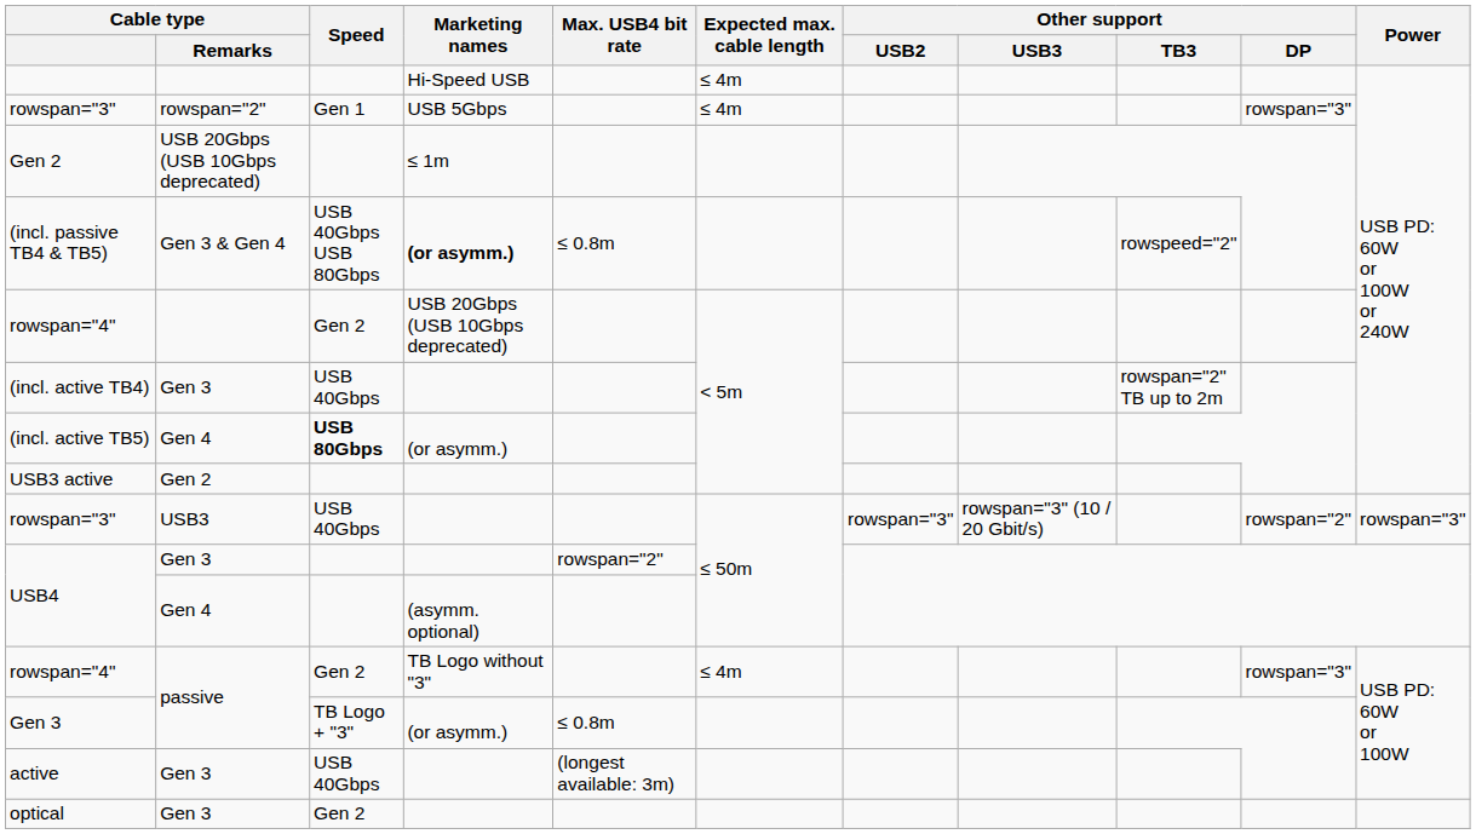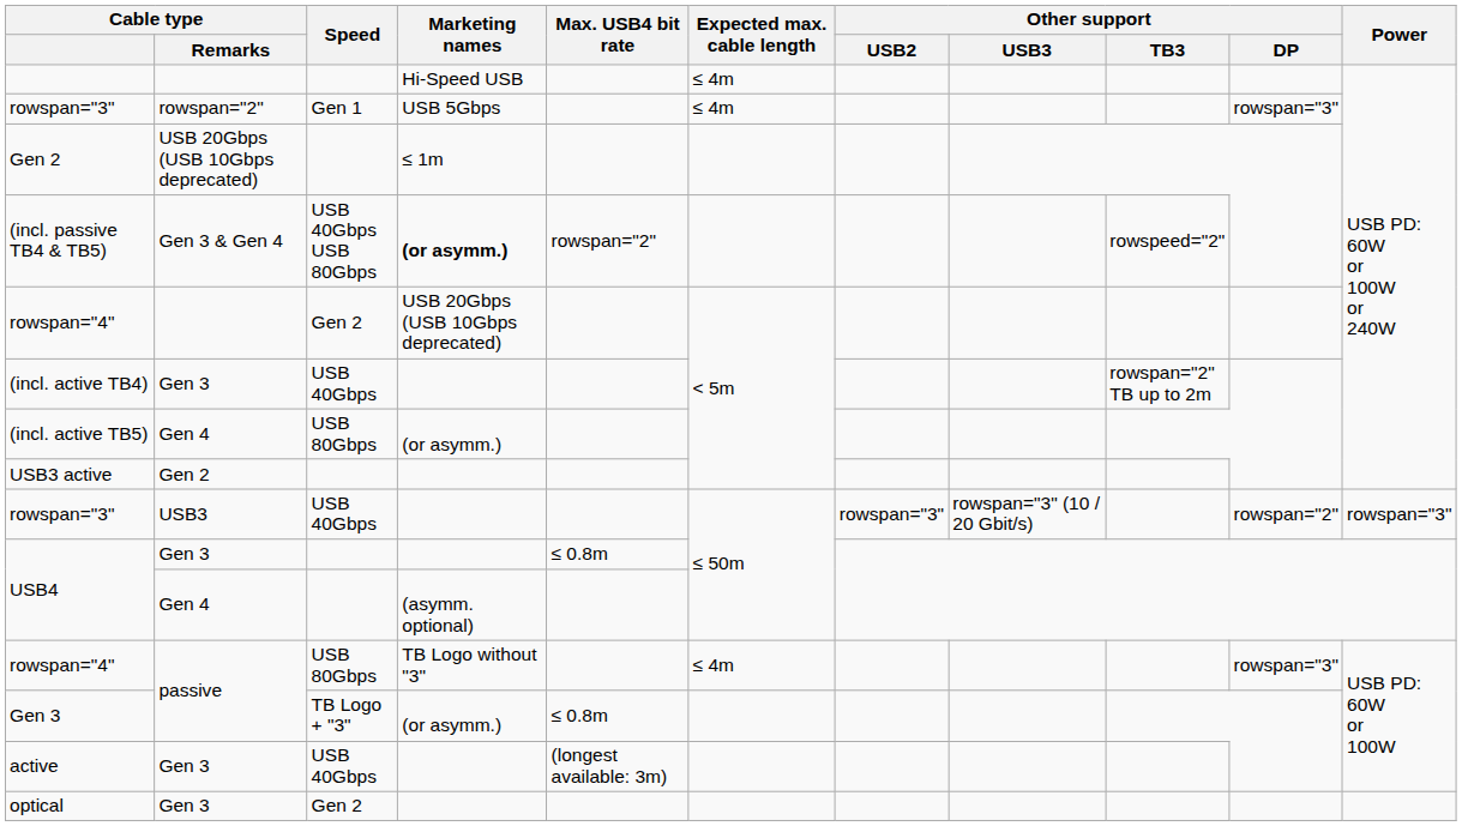 <table class="wikitable hover-highlight">
 <tr>
 <th colspan="2">Cable type</th>
 <th rowspan="2">Speed</th>
 <th rowspan="2">Marketing names</th>
 <th rowspan="2">Max. USB4 bit rate</th>
 <th rowspan="2">Expected max. cable length</th>
 <th colspan="4">Other support</th>
 <th rowspan="2">Power</th>
 </tr>
 <tr>
 <th></th>
 <th>Remarks</th>
 <th>USB2</th>
 <th>USB3</th>
 <th>TB3</th>
 <th>DP</th>
 </tr>
 <tr>
 <td></td>
 <td></td>
 <td></td>
 <td>Hi-Speed USB</td>
 <td></td>
 <td>≤ 4m</td>
 <td></td>
 <td></td>
 <td></td>
 <td></td>
 <td rowspan="8">USB PD:<br>60W<br>or<br>100W<br>or<br>240W</td>
 </tr>
 <tr>
 <td>rowspan="3" </td>
 <td>rowspan="2" </td>
 <td>Gen 1</td>
 <td>USB 5Gbps</td>
 <td></td>
 <td>≤ 4m</td>
 <td></td>
 <td></td>
 <td></td>
 <td>rowspan="3" </td>
 </tr>
 <tr>
 <td>Gen 2</td>
 <td>USB 20Gbps<br>(USB 10Gbps deprecated)</td>
 <td></td>
 <td>≤ 1m</td>
 <td></td>
 <td></td>
 <td></td>
 </tr>
 <tr>
 <td>(incl. passive TB4 & TB5)</td>
 <td>Gen 3 & Gen 4</td>
 <td>USB 40Gbps<br>USB 80Gbps</td>
 <td><strong><br>(or asymm.)</strong></td>
-<td>≤ 0.8m</td>
+<td>rowspan="2" </td>
 <td></td>
 <td></td>
 <td></td>
 <td>rowspeed="2" </td>
 </tr>
 <tr>
 <td>rowspan="4" </td>
 <td></td>
 <td>Gen 2</td>
 <td>USB 20Gbps<br>(USB 10Gbps deprecated)</td>
 <td></td>
 <td rowspan="4">< 5m</td>
 <td></td>
 <td></td>
 <td></td>
 <td></td>
 </tr>
 <tr>
 <td>(incl. active TB4)</td>
 <td>Gen 3</td>
 <td>USB 40Gbps</td>
 <td></td>
 <td></td>
 <td></td>
 <td></td>
 <td>rowspan="2" <br>TB up to 2m</td>
 </tr>
 <tr>
 <td>(incl. active TB5)</td>
 <td>Gen 4</td>
-<td><strong>USB 80Gbps</strong></td>
+<td>USB 80Gbps</td>
 <td><br>(or asymm.)</td>
 <td></td>
 <td></td>
 <td></td>
 </tr>
 <tr>
 <td>USB3 active</td>
 <td>Gen 2</td>
 <td></td>
 <td></td>
 <td></td>
 <td></td>
 <td></td>
 <td></td>
 </tr>
 <tr>
 <td>rowspan="3" </td>
 <td>USB3</td>
 <td>USB 40Gbps</td>
 <td></td>
 <td></td>
 <td rowspan="3">≤ 50m</td>
 <td>rowspan="3" </td>
 <td>rowspan="3"  (10 / 20 Gbit/s)</td>
 <td></td>
 <td>rowspan="2" </td>
 <td>rowspan="3" </td>
 </tr>
 <tr>
 <td rowspan="2">USB4</td>
 <td>Gen 3</td>
 <td></td>
 <td></td>
-<td>rowspan="2" </td>
+<td>≤ 0.8m</td>
 </tr>
 <tr>
 <td>Gen 4</td>
 <td></td>
 <td><br>(asymm. optional)</td>
 </tr>
 <tr>
 <td>rowspan="4" </td>
 <td rowspan="2">passive</td>
-<td>Gen 2</td>
+<td>USB 80Gbps</td>
 <td>TB Logo without "3"</td>
 <td></td>
 <td>≤ 4m</td>
 <td></td>
 <td></td>
 <td></td>
 <td>rowspan="3" </td>
 <td rowspan="3">USB PD:<br>60W<br>or<br>100W</td>
 </tr>
 <tr>
 <td>Gen 3</td>
 <td>TB Logo + "3"</td>
 <td><br>(or asymm.)</td>
 <td>≤ 0.8m</td>
 <td></td>
 <td></td>
 <td></td>
 </tr>
 <tr>
 <td>active</td>
 <td>Gen 3</td>
 <td>USB 40Gbps</td>
 <td></td>
 <td>(longest available: 3m)</td>
 <td></td>
 <td></td>
 <td></td>
 <td></td>
 </tr>
 <tr>
 <td>optical</td>
 <td>Gen 3</td>
 <td>Gen 2</td>
 <td></td>
 <td></td>
 <td></td>
 <td></td>
 <td></td>
 <td></td>
 <td></td>
 </tr>
 </table>
